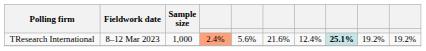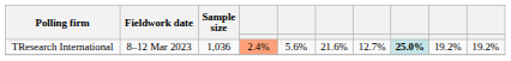 <table class="wikitable" style="text-align:center;font-size:90%;line-height:14px;">
 <tr style="height:40px;">
 <th style="width:150px;" rowspan="2">Polling firm</th>
 <th style="width:100px;" rowspan="2">Fieldwork date</th>
 <th style="width:50px;" rowspan="2">Sample size</th>
 <th class="unsortable" style="width:45px;"></th>
 <th class="unsortable" style="width:45px;"></th>
 <th class="unsortable" style="width:45px;"></th>
 <th class="unsortable" style="width:45px;"></th>
 <th class="unsortable" style="width:45px;"></th>
 <th class="unsortable" style="width:45px;"></th>
 <th class="unsortable" style="width:45px;"></th>
 </tr>
 <tr>
 <th style="background:"></th>
 <th style="background:"></th>
 <th style="background:"></th>
 <th style="background:"></th>
 <th style="background:"></th>
 <th style="background:"></th>
 <th style="background:"></th>
 </tr>
 <tr>
 <td>TResearch International</td>
 <td>8–12 Mar 2023</td>
-<td>1,000</td>
+<td>1,036</td>
 <td style="background: lightsalmon;">2.4%</td>
 <td>5.6%</td>
 <td>21.6%</td>
-<td>12.4%</td>
-<td style="background:#c5e5e7;"><strong>25.1%</strong></td>
+<td>12.7%</td>
+<td style="background:#c5e5e7;"><strong>25.0%</strong></td>
 <td>19.2%</td>
 <td>19.2%</td>
 </tr>
 <tr>
 </tr>
 </table>
